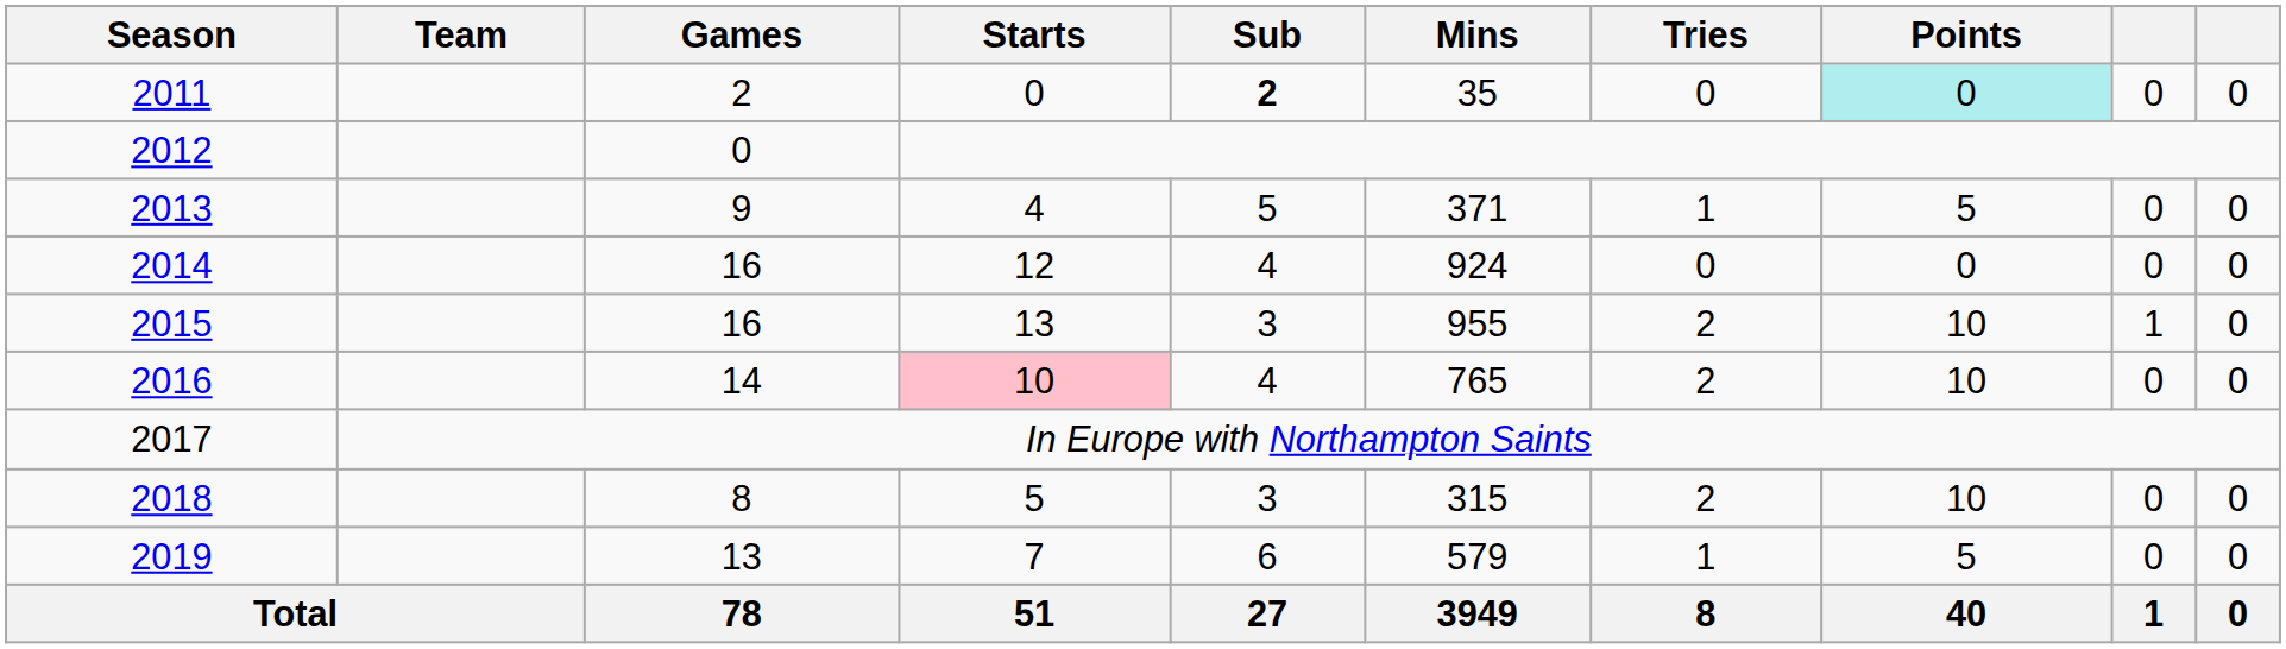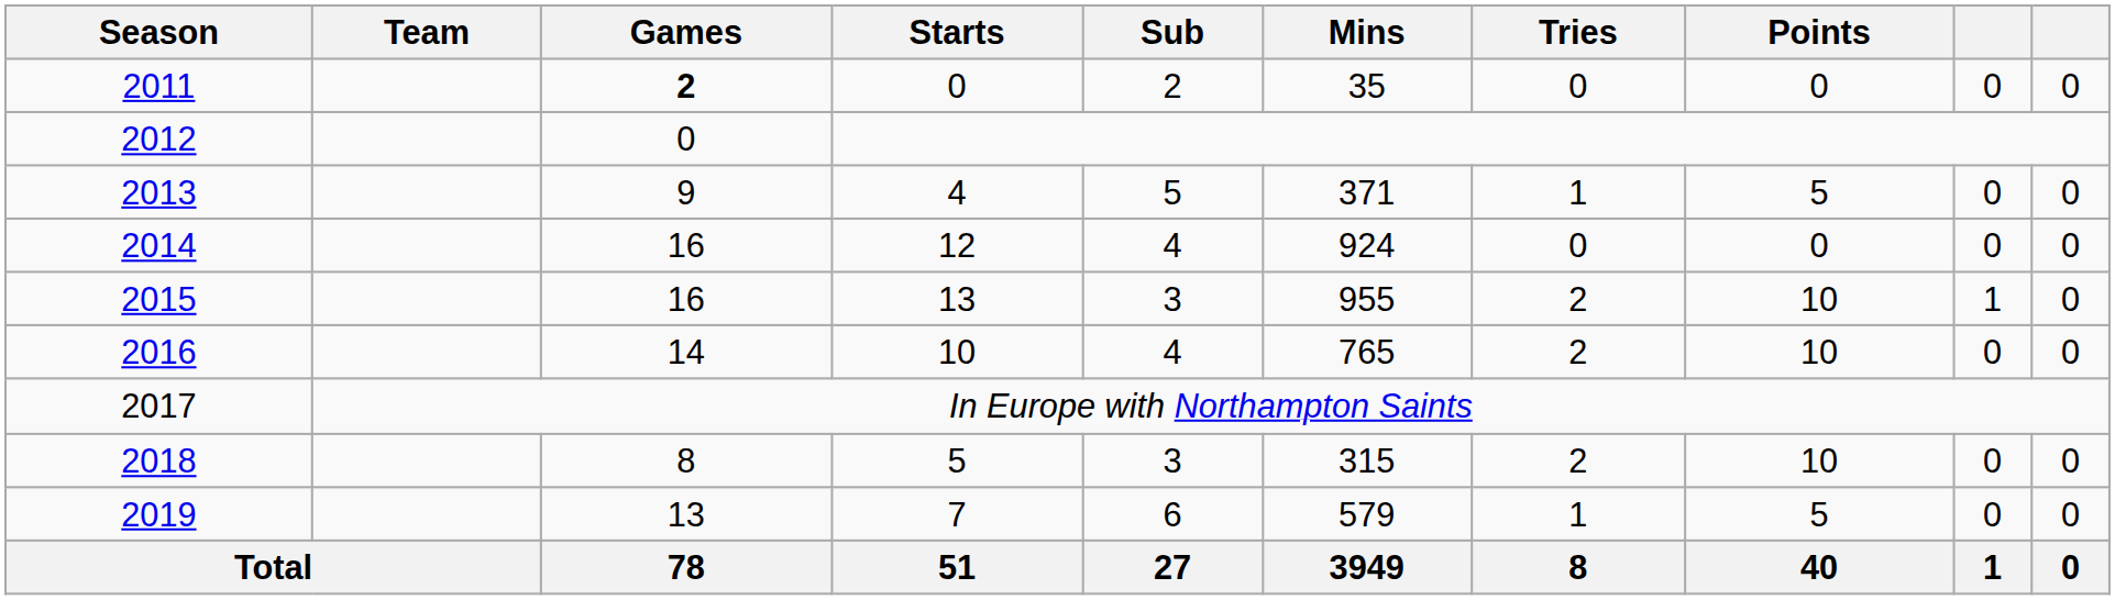 <table class="wikitable" style="text-align:center; font-size:95%; width:75%;">
 <tr>
 <th>Season</th>
 <th>Team</th>
 <th>Games</th>
 <th>Starts</th>
 <th>Sub</th>
 <th>Mins</th>
 <th>Tries</th>
 <th>Points</th>
 <th></th>
 <th></th>
 </tr>
 <tr>
 <td><a href='#'>2011</a></td>
 <td></td>
+<td><strong>2</strong></td>
+<td>0</td>
 <td>2</td>
-<td>0</td>
-<td><strong>2</strong></td>
 <td>35</td>
 <td>0</td>
-<td style="background: paleturquoise;">0</td>
+<td>0</td>
 <td>0</td>
 <td>0</td>
 </tr>
 <tr>
 <td><a href='#'>2012</a></td>
 <td></td>
 <td>0</td>
 <td colspan="7"></td>
 </tr>
 <tr>
 <td><a href='#'>2013</a></td>
 <td></td>
 <td>9</td>
 <td>4</td>
 <td>5</td>
 <td>371</td>
 <td>1</td>
 <td>5</td>
 <td>0</td>
 <td>0</td>
 </tr>
 <tr>
 <td><a href='#'>2014</a></td>
 <td></td>
 <td>16</td>
 <td>12</td>
 <td>4</td>
 <td>924</td>
 <td>0</td>
 <td>0</td>
 <td>0</td>
 <td>0</td>
 </tr>
 <tr>
 <td><a href='#'>2015</a></td>
 <td></td>
 <td>16</td>
 <td>13</td>
 <td>3</td>
 <td>955</td>
 <td>2</td>
 <td>10</td>
 <td>1</td>
 <td>0</td>
 </tr>
 <tr>
 <td><a href='#'>2016</a></td>
 <td></td>
 <td>14</td>
-<td style="background: pink;">10</td>
+<td>10</td>
 <td>4</td>
 <td>765</td>
 <td>2</td>
 <td>10</td>
 <td>0</td>
 <td>0</td>
 </tr>
 <tr>
 <td>2017</td>
 <td colspan="9"><em>In Europe with <a href='#'>Northampton Saints</a></em></td>
 </tr>
 <tr>
 <td><a href='#'>2018</a></td>
 <td></td>
 <td>8</td>
 <td>5</td>
 <td>3</td>
 <td>315</td>
 <td>2</td>
 <td>10</td>
 <td>0</td>
 <td>0</td>
 </tr>
 <tr>
 <td><a href='#'>2019</a></td>
 <td></td>
 <td>13</td>
 <td>7</td>
 <td>6</td>
 <td>579</td>
 <td>1</td>
 <td>5</td>
 <td>0</td>
 <td>0</td>
 </tr>
 <tr>
 <th colspan="2">Total</th>
 <th>78</th>
 <th>51</th>
 <th>27</th>
 <th>3949</th>
 <th>8</th>
 <th>40</th>
 <th>1</th>
 <th>0</th>
 </tr>
 </table>
